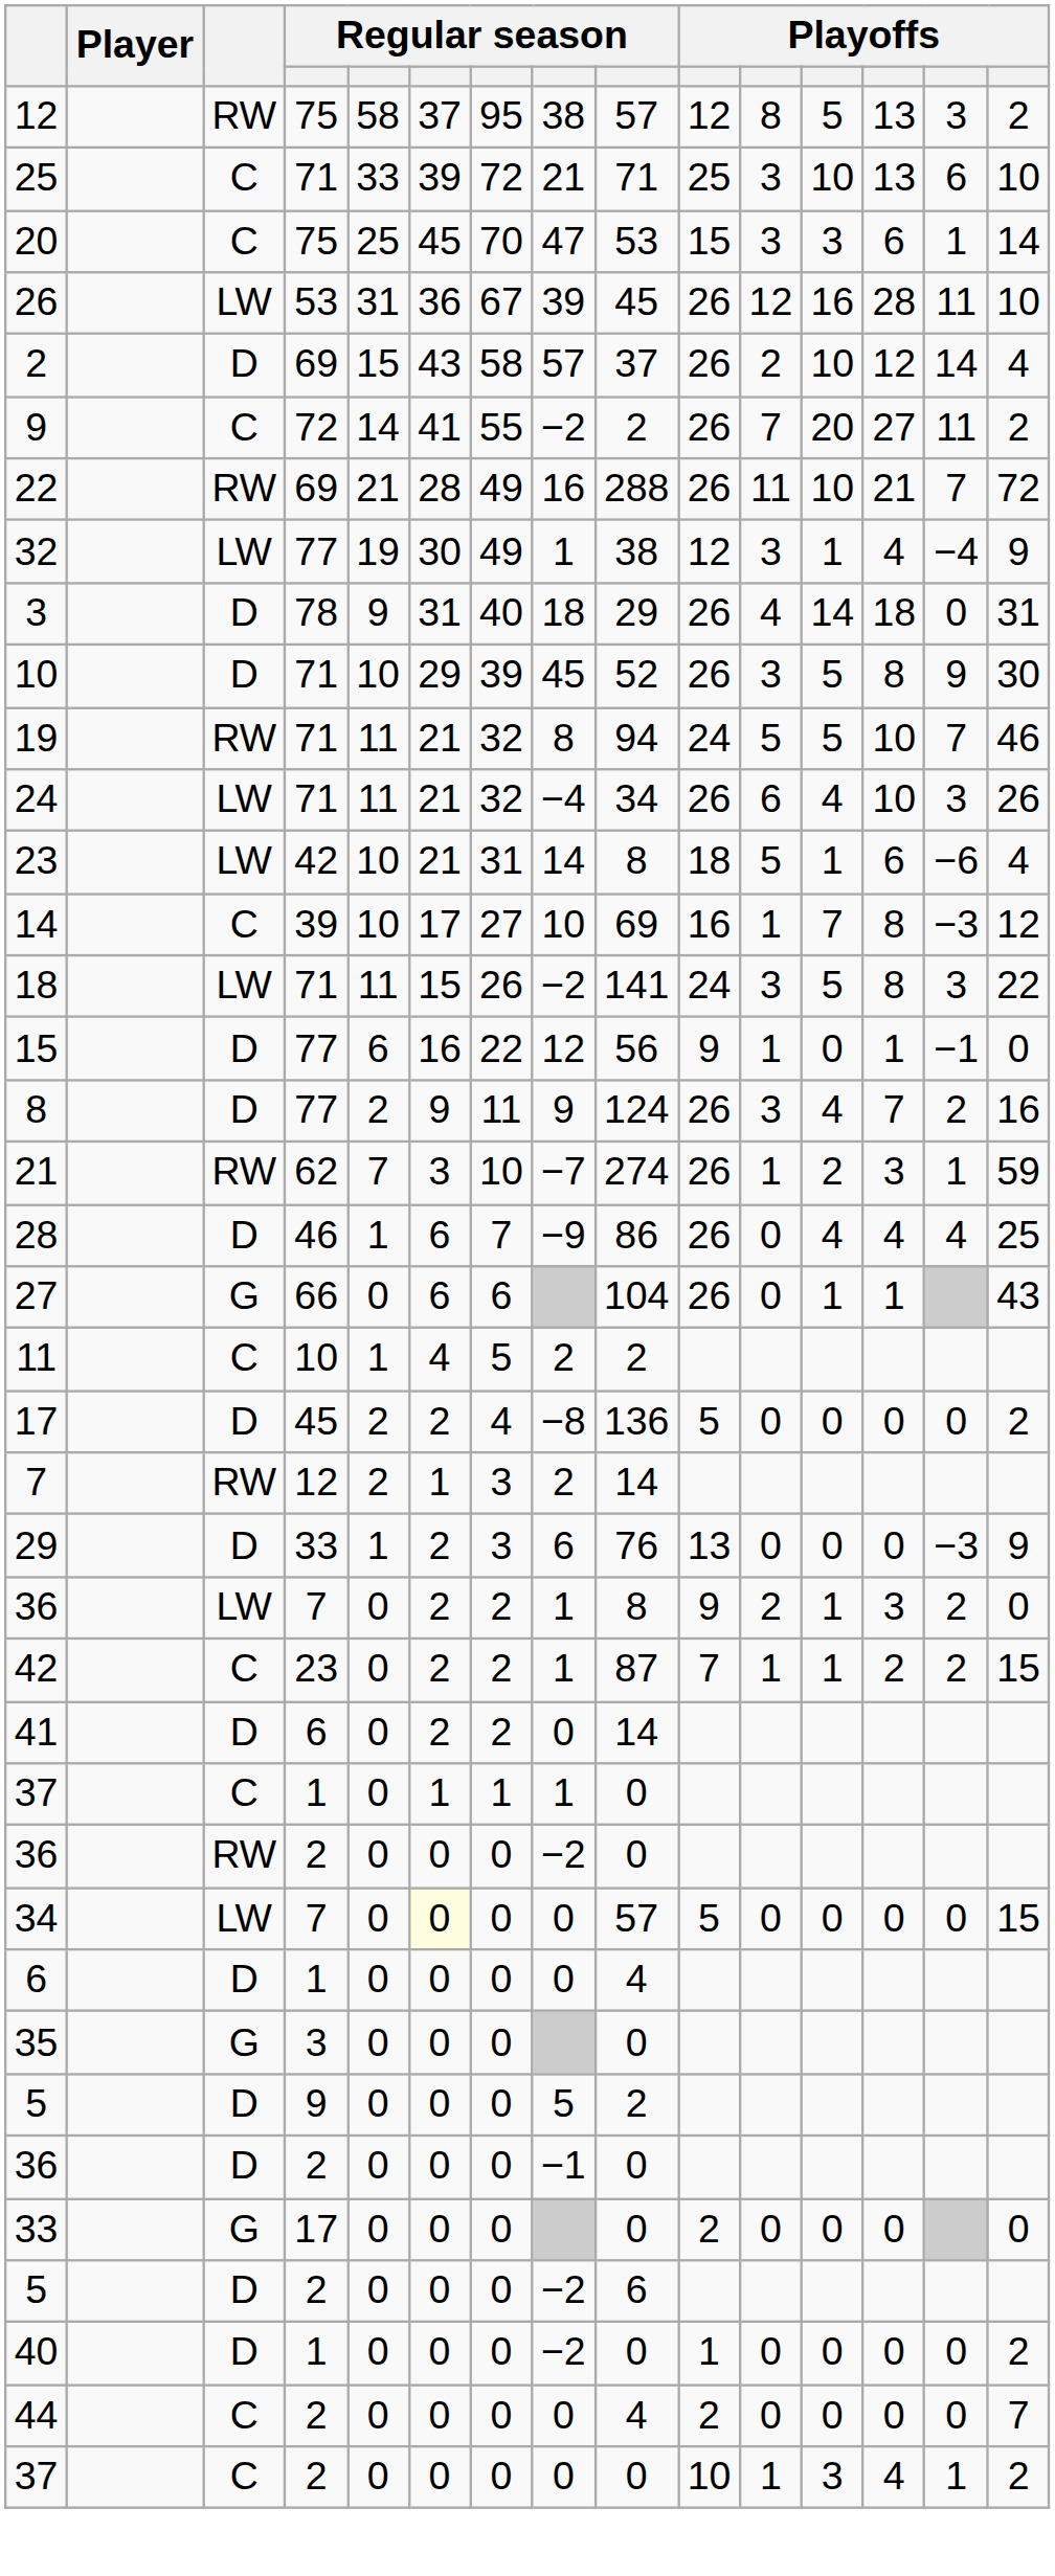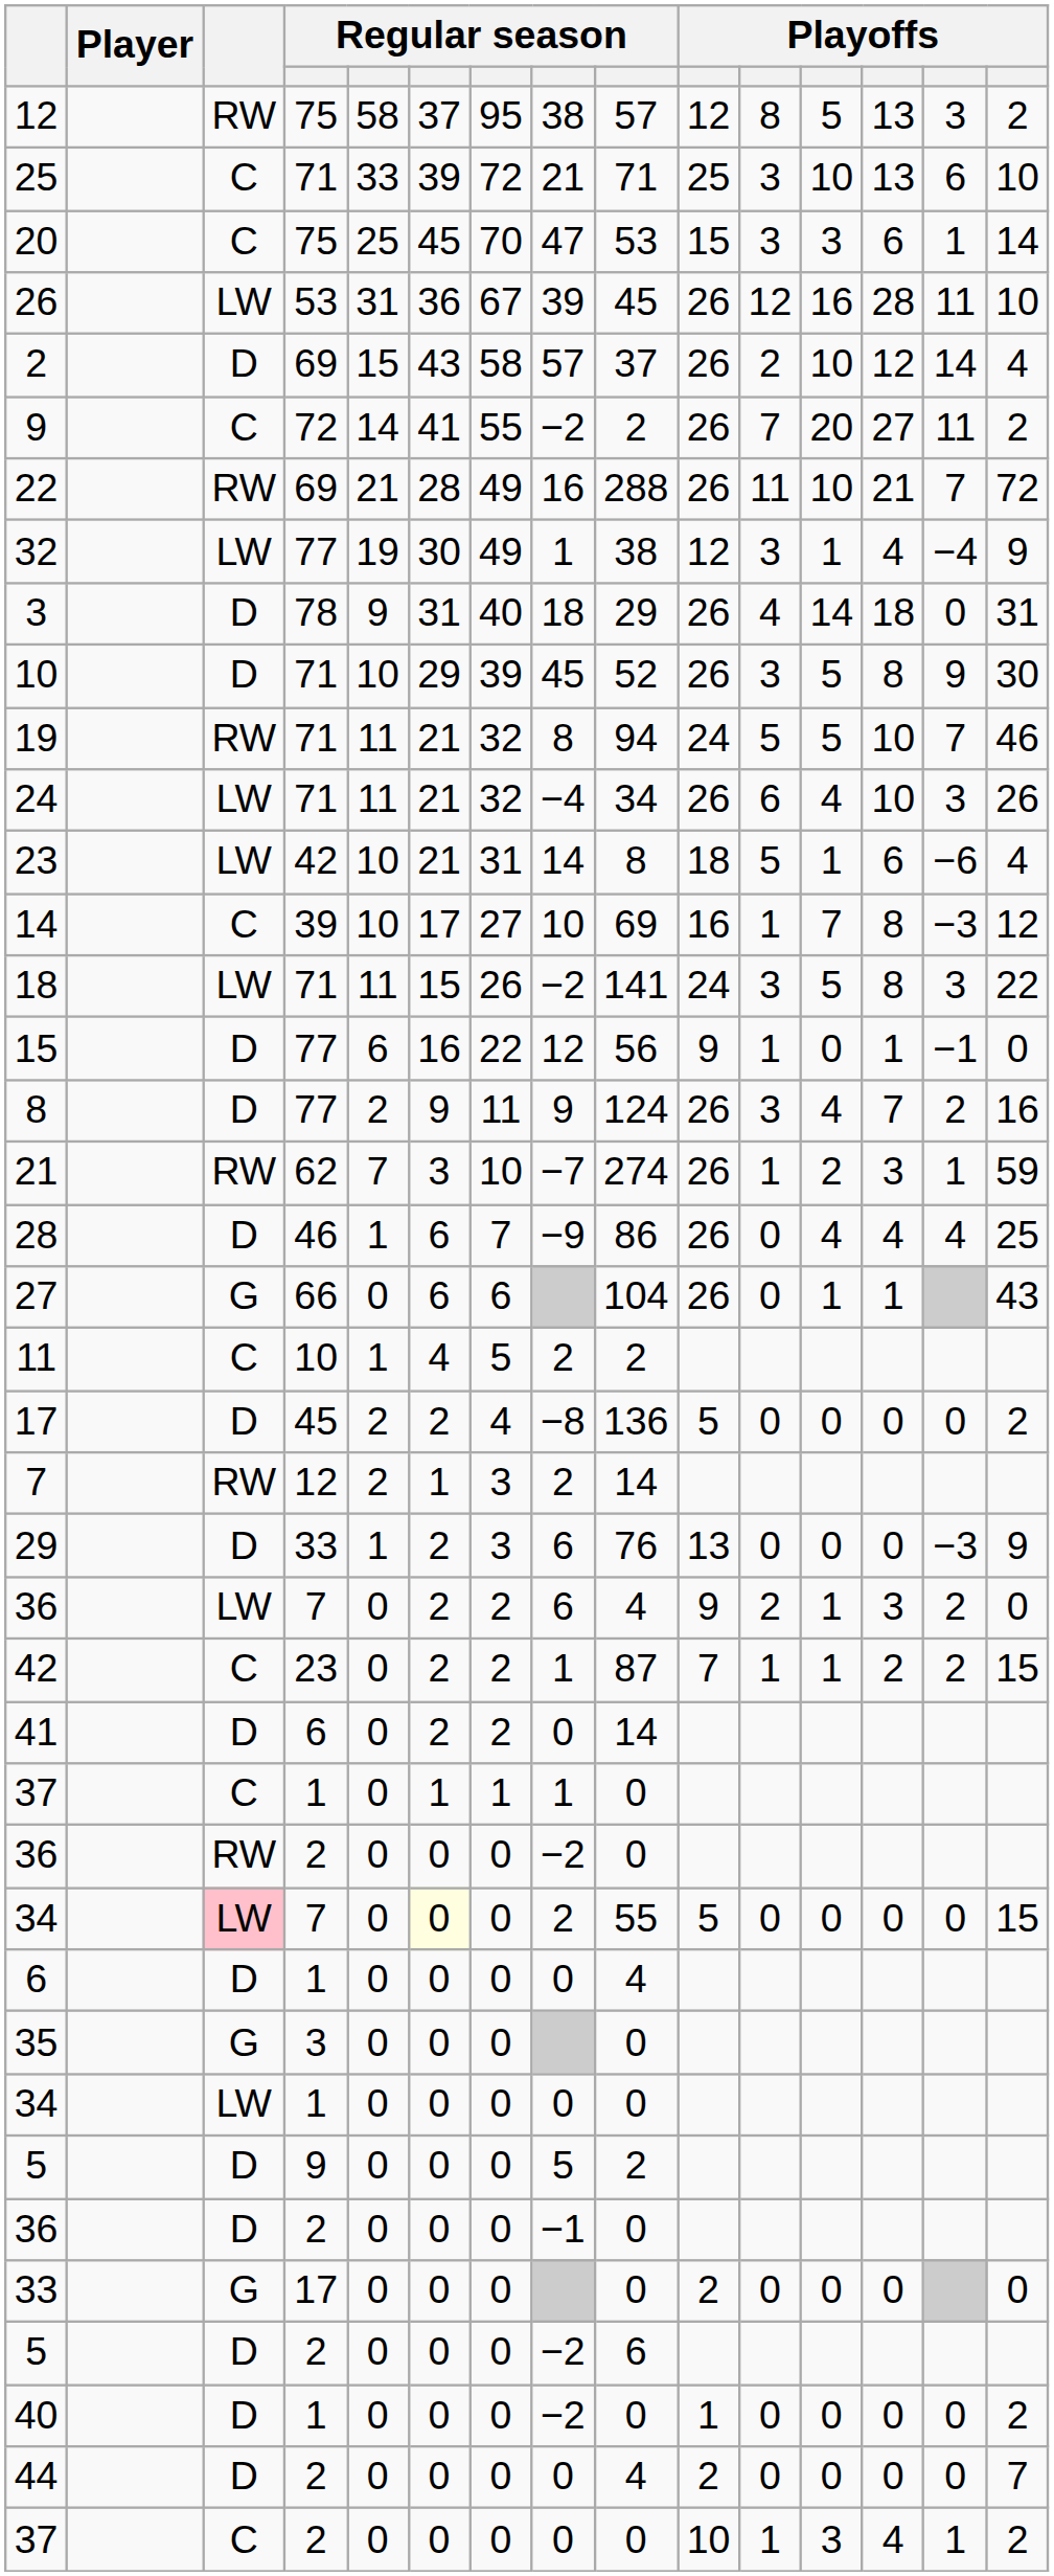 <table class="wikitable sortable plainrowheaders" style="text-align:center;">
 <tr>
 <th scope="col" data-sort-type="number" rowspan="2"></th>
 <th scope="col" rowspan="2">Player</th>
 <th scope="col" rowspan="2"></th>
 <th scope=colgroup colspan=6>Regular season</th>
 <th scope=colgroup colspan=6>Playoffs</th>
 </tr>
 <tr>
 <th scope="col" data-sort-type="number"></th>
 <th scope="col" data-sort-type="number"></th>
 <th scope="col" data-sort-type="number"></th>
 <th scope="col" data-sort-type="number"></th>
 <th scope="col" data-sort-type="number"></th>
 <th scope="col" data-sort-type="number"></th>
 <th scope="col" data-sort-type="number"></th>
 <th scope="col" data-sort-type="number"></th>
 <th scope="col" data-sort-type="number"></th>
 <th scope="col" data-sort-type="number"></th>
 <th scope="col" data-sort-type="number"></th>
 <th scope="col" data-sort-type="number"></th>
 </tr>
 <tr>
 <td scope="row">12</td>
 <td align="left"></td>
 <td>RW</td>
 <td>75</td>
 <td>58</td>
 <td>37</td>
 <td>95</td>
 <td>38</td>
 <td>57</td>
 <td>12</td>
 <td>8</td>
 <td>5</td>
 <td>13</td>
 <td>3</td>
 <td>2</td>
 </tr>
 <tr>
 <td scope="row">25</td>
 <td align="left"></td>
 <td>C</td>
 <td>71</td>
 <td>33</td>
 <td>39</td>
 <td>72</td>
 <td>21</td>
 <td>71</td>
 <td>25</td>
 <td>3</td>
 <td>10</td>
 <td>13</td>
 <td>6</td>
 <td>10</td>
 </tr>
 <tr>
 <td scope="row">20</td>
 <td align="left"></td>
 <td>C</td>
 <td>75</td>
 <td>25</td>
 <td>45</td>
 <td>70</td>
 <td>47</td>
 <td>53</td>
 <td>15</td>
 <td>3</td>
 <td>3</td>
 <td>6</td>
 <td>1</td>
 <td>14</td>
 </tr>
 <tr>
 <td scope="row">26</td>
 <td align="left"></td>
 <td>LW</td>
 <td>53</td>
 <td>31</td>
 <td>36</td>
 <td>67</td>
 <td>39</td>
 <td>45</td>
 <td>26</td>
 <td>12</td>
 <td>16</td>
 <td>28</td>
 <td>11</td>
 <td>10</td>
 </tr>
 <tr>
 <td scope="row">2</td>
 <td align="left"></td>
 <td>D</td>
 <td>69</td>
 <td>15</td>
 <td>43</td>
 <td>58</td>
 <td>57</td>
 <td>37</td>
 <td>26</td>
 <td>2</td>
 <td>10</td>
 <td>12</td>
 <td>14</td>
 <td>4</td>
 </tr>
 <tr>
 <td scope="row">9</td>
 <td align="left"></td>
 <td>C</td>
 <td>72</td>
 <td>14</td>
 <td>41</td>
 <td>55</td>
 <td>−2</td>
 <td>2</td>
 <td>26</td>
 <td>7</td>
 <td>20</td>
 <td>27</td>
 <td>11</td>
 <td>2</td>
 </tr>
 <tr>
 <td scope="row">22</td>
 <td align="left"></td>
 <td>RW</td>
 <td>69</td>
 <td>21</td>
 <td>28</td>
 <td>49</td>
 <td>16</td>
 <td>288</td>
 <td>26</td>
 <td>11</td>
 <td>10</td>
 <td>21</td>
 <td>7</td>
 <td>72</td>
 </tr>
 <tr>
 <td scope="row">32</td>
 <td align="left"></td>
 <td>LW</td>
 <td>77</td>
 <td>19</td>
 <td>30</td>
 <td>49</td>
 <td>1</td>
 <td>38</td>
 <td>12</td>
 <td>3</td>
 <td>1</td>
 <td>4</td>
 <td>−4</td>
 <td>9</td>
 </tr>
 <tr>
 <td scope="row">3</td>
 <td align="left"></td>
 <td>D</td>
 <td>78</td>
 <td>9</td>
 <td>31</td>
 <td>40</td>
 <td>18</td>
 <td>29</td>
 <td>26</td>
 <td>4</td>
 <td>14</td>
 <td>18</td>
 <td>0</td>
 <td>31</td>
 </tr>
 <tr>
 <td scope="row">10</td>
 <td align="left"></td>
 <td>D</td>
 <td>71</td>
 <td>10</td>
 <td>29</td>
 <td>39</td>
 <td>45</td>
 <td>52</td>
 <td>26</td>
 <td>3</td>
 <td>5</td>
 <td>8</td>
 <td>9</td>
 <td>30</td>
 </tr>
 <tr>
 <td scope="row">19</td>
 <td align="left"></td>
 <td>RW</td>
 <td>71</td>
 <td>11</td>
 <td>21</td>
 <td>32</td>
 <td>8</td>
 <td>94</td>
 <td>24</td>
 <td>5</td>
 <td>5</td>
 <td>10</td>
 <td>7</td>
 <td>46</td>
 </tr>
 <tr>
 <td scope="row">24</td>
 <td align="left"></td>
 <td>LW</td>
 <td>71</td>
 <td>11</td>
 <td>21</td>
 <td>32</td>
 <td>−4</td>
 <td>34</td>
 <td>26</td>
 <td>6</td>
 <td>4</td>
 <td>10</td>
 <td>3</td>
 <td>26</td>
 </tr>
 <tr>
 <td scope="row">23</td>
 <td align="left"></td>
 <td>LW</td>
 <td>42</td>
 <td>10</td>
 <td>21</td>
 <td>31</td>
 <td>14</td>
 <td>8</td>
 <td>18</td>
 <td>5</td>
 <td>1</td>
 <td>6</td>
 <td>−6</td>
 <td>4</td>
 </tr>
 <tr>
 <td scope="row">14</td>
 <td align="left"></td>
 <td>C</td>
 <td>39</td>
 <td>10</td>
 <td>17</td>
 <td>27</td>
 <td>10</td>
 <td>69</td>
 <td>16</td>
 <td>1</td>
 <td>7</td>
 <td>8</td>
 <td>−3</td>
 <td>12</td>
 </tr>
 <tr>
 <td scope="row">18</td>
 <td align="left"></td>
 <td>LW</td>
 <td>71</td>
 <td>11</td>
 <td>15</td>
 <td>26</td>
 <td>−2</td>
 <td>141</td>
 <td>24</td>
 <td>3</td>
 <td>5</td>
 <td>8</td>
 <td>3</td>
 <td>22</td>
 </tr>
 <tr>
 <td scope="row">15</td>
 <td align="left"></td>
 <td>D</td>
 <td>77</td>
 <td>6</td>
 <td>16</td>
 <td>22</td>
 <td>12</td>
 <td>56</td>
 <td>9</td>
 <td>1</td>
 <td>0</td>
 <td>1</td>
 <td>−1</td>
 <td>0</td>
 </tr>
 <tr>
 <td scope="row">8</td>
 <td align="left"></td>
 <td>D</td>
 <td>77</td>
 <td>2</td>
 <td>9</td>
 <td>11</td>
 <td>9</td>
 <td>124</td>
 <td>26</td>
 <td>3</td>
 <td>4</td>
 <td>7</td>
 <td>2</td>
 <td>16</td>
 </tr>
 <tr>
 <td scope="row">21</td>
 <td align="left"></td>
 <td>RW</td>
 <td>62</td>
 <td>7</td>
 <td>3</td>
 <td>10</td>
 <td>−7</td>
 <td>274</td>
 <td>26</td>
 <td>1</td>
 <td>2</td>
 <td>3</td>
 <td>1</td>
 <td>59</td>
 </tr>
 <tr>
 <td scope="row">28</td>
 <td align="left"></td>
 <td>D</td>
 <td>46</td>
 <td>1</td>
 <td>6</td>
 <td>7</td>
 <td>−9</td>
 <td>86</td>
 <td>26</td>
 <td>0</td>
 <td>4</td>
 <td>4</td>
 <td>4</td>
 <td>25</td>
 </tr>
 <tr>
 <td scope="row">27</td>
 <td align="left"></td>
 <td>G</td>
 <td>66</td>
 <td>0</td>
 <td>6</td>
 <td>6</td>
 <td style="background:#ccc"></td>
 <td>104</td>
 <td>26</td>
 <td>0</td>
 <td>1</td>
 <td>1</td>
 <td style="background:#ccc"></td>
 <td>43</td>
 </tr>
 <tr>
 <td scope="row">11</td>
 <td align="left"></td>
 <td>C</td>
 <td>10</td>
 <td>1</td>
 <td>4</td>
 <td>5</td>
 <td>2</td>
 <td>2</td>
 <td></td>
 <td></td>
 <td></td>
 <td></td>
 <td></td>
 <td></td>
 </tr>
 <tr>
 <td scope="row">17</td>
 <td align="left"></td>
 <td>D</td>
 <td>45</td>
 <td>2</td>
 <td>2</td>
 <td>4</td>
 <td>−8</td>
 <td>136</td>
 <td>5</td>
 <td>0</td>
 <td>0</td>
 <td>0</td>
 <td>0</td>
 <td>2</td>
 </tr>
 <tr>
 <td scope="row">7</td>
 <td align="left"></td>
 <td>RW</td>
 <td>12</td>
 <td>2</td>
 <td>1</td>
 <td>3</td>
 <td>2</td>
 <td>14</td>
 <td></td>
 <td></td>
 <td></td>
 <td></td>
 <td></td>
 <td></td>
 </tr>
 <tr>
 <td scope="row">29</td>
 <td align="left"></td>
 <td>D</td>
 <td>33</td>
 <td>1</td>
 <td>2</td>
 <td>3</td>
 <td>6</td>
 <td>76</td>
 <td>13</td>
 <td>0</td>
 <td>0</td>
 <td>0</td>
 <td>−3</td>
 <td>9</td>
 </tr>
 <tr>
 <td scope="row">36</td>
 <td align="left"></td>
 <td>LW</td>
 <td>7</td>
 <td>0</td>
 <td>2</td>
 <td>2</td>
-<td>1</td>
-<td>8</td>
+<td>6</td>
+<td>4</td>
 <td>9</td>
 <td>2</td>
 <td>1</td>
 <td>3</td>
 <td>2</td>
 <td>0</td>
 </tr>
 <tr>
 <td scope="row">42</td>
 <td align="left"></td>
 <td>C</td>
 <td>23</td>
 <td>0</td>
 <td>2</td>
 <td>2</td>
 <td>1</td>
 <td>87</td>
 <td>7</td>
 <td>1</td>
 <td>1</td>
 <td>2</td>
 <td>2</td>
 <td>15</td>
 </tr>
 <tr>
 <td scope="row">41</td>
 <td align="left"></td>
 <td>D</td>
 <td>6</td>
 <td>0</td>
 <td>2</td>
 <td>2</td>
 <td>0</td>
 <td>14</td>
 <td></td>
 <td></td>
 <td></td>
 <td></td>
 <td></td>
 <td></td>
 </tr>
 <tr>
 <td scope="row">37</td>
 <td align="left"></td>
 <td>C</td>
 <td>1</td>
 <td>0</td>
 <td>1</td>
 <td>1</td>
 <td>1</td>
 <td>0</td>
 <td></td>
 <td></td>
 <td></td>
 <td></td>
 <td></td>
 <td></td>
 </tr>
 <tr>
 <td scope="row">36</td>
 <td align="left"></td>
 <td>RW</td>
 <td>2</td>
 <td>0</td>
 <td>0</td>
 <td>0</td>
 <td>−2</td>
 <td>0</td>
 <td></td>
 <td></td>
 <td></td>
 <td></td>
 <td></td>
 <td></td>
 </tr>
 <tr>
 <td scope="row">34</td>
 <td align="left"></td>
-<td>LW</td>
+<td style="background: pink;">LW</td>
 <td>7</td>
 <td>0</td>
 <td style="background: lightyellow;">0</td>
 <td>0</td>
-<td>0</td>
-<td>57</td>
+<td>2</td>
+<td>55</td>
 <td>5</td>
 <td>0</td>
 <td>0</td>
 <td>0</td>
 <td>0</td>
 <td>15</td>
 </tr>
 <tr>
 <td scope="row">6</td>
 <td align="left"></td>
 <td>D</td>
 <td>1</td>
 <td>0</td>
 <td>0</td>
 <td>0</td>
 <td>0</td>
 <td>4</td>
 <td></td>
 <td></td>
 <td></td>
 <td></td>
 <td></td>
 <td></td>
 </tr>
 <tr>
 <td scope="row">35</td>
 <td align="left"></td>
 <td>G</td>
 <td>3</td>
 <td>0</td>
 <td>0</td>
 <td>0</td>
 <td style="background:#ccc"></td>
+<td>0</td>
+<td></td>
+<td></td>
+<td></td>
+<td></td>
+<td></td>
+<td></td>
+</tr>
+<tr>
+<td scope="row">34</td>
+<td align="left"></td>
+<td>LW</td>
+<td>1</td>
+<td>0</td>
+<td>0</td>
+<td>0</td>
+<td>0</td>
 <td>0</td>
 <td></td>
 <td></td>
 <td></td>
 <td></td>
 <td></td>
 <td></td>
 </tr>
 <tr>
 <td scope="row">5</td>
 <td align="left"></td>
 <td>D</td>
 <td>9</td>
 <td>0</td>
 <td>0</td>
 <td>0</td>
 <td>5</td>
 <td>2</td>
 <td></td>
 <td></td>
 <td></td>
 <td></td>
 <td></td>
 <td></td>
 </tr>
 <tr>
 <td scope="row">36</td>
 <td align="left"></td>
 <td>D</td>
 <td>2</td>
 <td>0</td>
 <td>0</td>
 <td>0</td>
 <td>−1</td>
 <td>0</td>
 <td></td>
 <td></td>
 <td></td>
 <td></td>
 <td></td>
 <td></td>
 </tr>
 <tr>
 <td scope="row">33</td>
 <td align="left"></td>
 <td>G</td>
 <td>17</td>
 <td>0</td>
 <td>0</td>
 <td>0</td>
 <td style="background:#ccc"></td>
 <td>0</td>
 <td>2</td>
 <td>0</td>
 <td>0</td>
 <td>0</td>
 <td style="background:#ccc"></td>
 <td>0</td>
 </tr>
 <tr>
 <td scope="row">5</td>
 <td align="left"></td>
 <td>D</td>
 <td>2</td>
 <td>0</td>
 <td>0</td>
 <td>0</td>
 <td>−2</td>
 <td>6</td>
 <td></td>
 <td></td>
 <td></td>
 <td></td>
 <td></td>
 <td></td>
 </tr>
 <tr>
 <td scope="row">40</td>
 <td align="left"></td>
 <td>D</td>
 <td>1</td>
 <td>0</td>
 <td>0</td>
 <td>0</td>
 <td>−2</td>
 <td>0</td>
 <td>1</td>
 <td>0</td>
 <td>0</td>
 <td>0</td>
 <td>0</td>
 <td>2</td>
 </tr>
 <tr>
 <td scope="row">44</td>
 <td align="left"></td>
-<td>C</td>
+<td>D</td>
 <td>2</td>
 <td>0</td>
 <td>0</td>
 <td>0</td>
 <td>0</td>
 <td>4</td>
 <td>2</td>
 <td>0</td>
 <td>0</td>
 <td>0</td>
 <td>0</td>
 <td>7</td>
 </tr>
 <tr>
 <td scope="row">37</td>
 <td align="left"></td>
 <td>C</td>
 <td>2</td>
 <td>0</td>
 <td>0</td>
 <td>0</td>
 <td>0</td>
 <td>0</td>
 <td>10</td>
 <td>1</td>
 <td>3</td>
 <td>4</td>
 <td>1</td>
 <td>2</td>
 </tr>
 </table>
